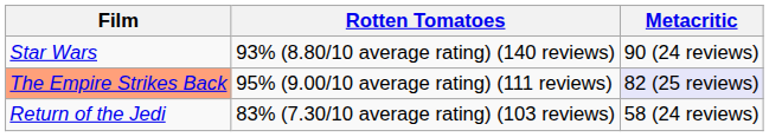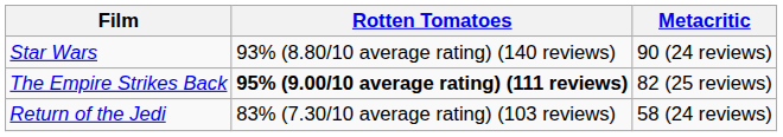 <table class="wikitable sortable">
 <tr>
 <th>Film</th>
 <th><a href='#'>Rotten Tomatoes</a></th>
 <th><a href='#'>Metacritic</a></th>
 </tr>
 <tr>
 <td><em><a href='#'>Star Wars</a></em></td>
 <td>93% (8.80/10 average rating) (140 reviews)</td>
 <td>90 (24 reviews)</td>
 </tr>
 <tr>
-<td style="background: lightsalmon;"><em><a href='#'>The Empire Strikes Back</a></em></td>
-<td>95% (9.00/10 average rating) (111 reviews)</td>
-<td style="background: lavender;">82 (25 reviews)</td>
+<td><em><a href='#'>The Empire Strikes Back</a></em></td>
+<td><strong>95% (9.00/10 average rating) (111 reviews)</strong></td>
+<td>82 (25 reviews)</td>
 </tr>
 <tr>
 <td><em><a href='#'>Return of the Jedi</a></em></td>
 <td>83% (7.30/10 average rating) (103 reviews)</td>
 <td>58 (24 reviews)</td>
 </tr>
 </table>
